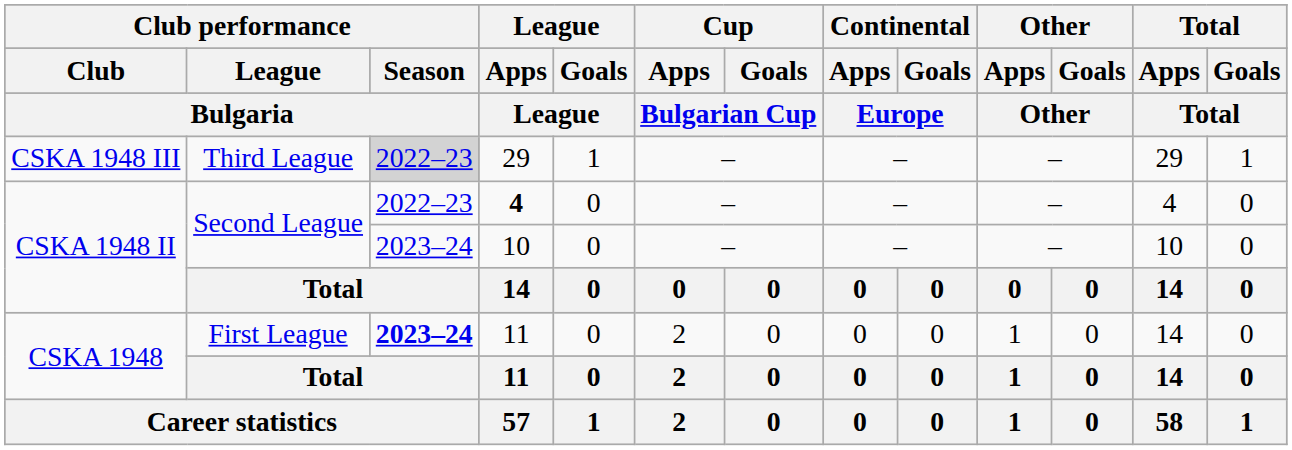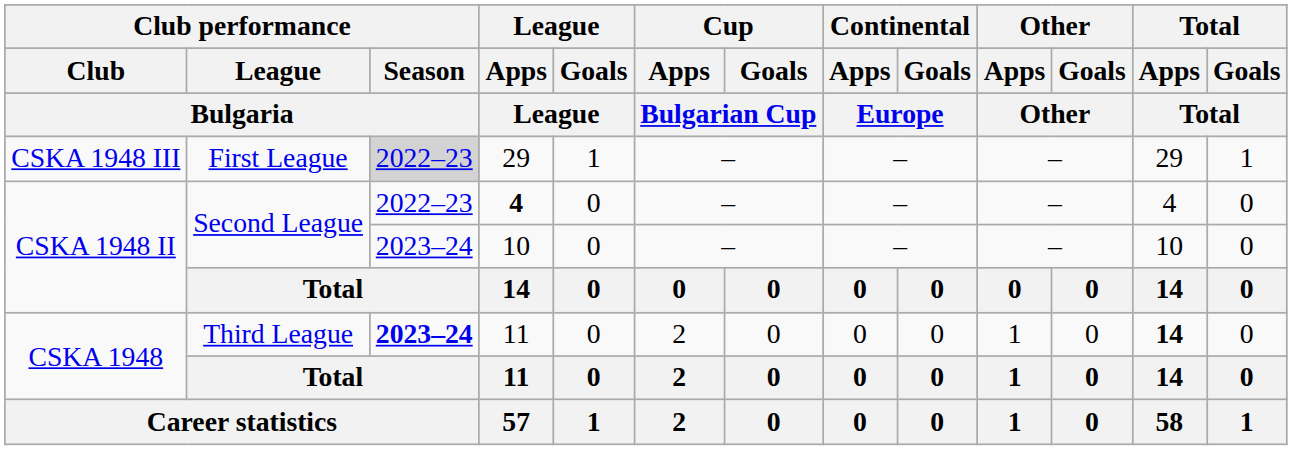 <table class="wikitable" style="text-align: center">
 <tr>
 <th colspan="3">Club performance</th>
 <th colspan="2">League</th>
 <th colspan="2">Cup</th>
 <th colspan="2">Continental</th>
 <th colspan="2">Other</th>
 <th colspan="3">Total</th>
 </tr>
 <tr>
 <th>Club</th>
 <th>League</th>
 <th>Season</th>
 <th>Apps</th>
 <th>Goals</th>
 <th>Apps</th>
 <th>Goals</th>
 <th>Apps</th>
 <th>Goals</th>
 <th>Apps</th>
 <th>Goals</th>
 <th>Apps</th>
 <th>Goals</th>
 </tr>
 <tr>
 <th colspan="3">Bulgaria</th>
 <th colspan="2">League</th>
 <th colspan="2"><a href='#'>Bulgarian Cup</a></th>
 <th colspan="2"><a href='#'>Europe</a></th>
 <th colspan="2">Other</th>
 <th colspan="2">Total</th>
 </tr>
 <tr>
 <td><a href='#'>CSKA 1948 III</a></td>
-<td><a href='#'>Third League</a></td>
+<td><a href='#'>First League</a></td>
 <td style="background: lightgrey;"><a href='#'>2022–23</a></td>
 <td>29</td>
 <td>1</td>
 <td colspan="2">–</td>
 <td colspan="2">–</td>
 <td colspan="2">–</td>
 <td>29</td>
 <td>1</td>
 </tr>
 <tr>
 <td rowspan="3"><a href='#'>CSKA 1948 II</a></td>
 <td rowspan="2"><a href='#'>Second League</a></td>
 <td><a href='#'>2022–23</a></td>
 <td><strong>4</strong></td>
 <td>0</td>
 <td colspan="2">–</td>
 <td colspan="2">–</td>
 <td colspan="2">–</td>
 <td>4</td>
 <td>0</td>
 </tr>
 <tr>
 <td><a href='#'>2023–24</a></td>
 <td>10</td>
 <td>0</td>
 <td colspan="2">–</td>
 <td colspan="2">–</td>
 <td colspan="2">–</td>
 <td>10</td>
 <td>0</td>
 </tr>
 <tr>
 <th colspan=2>Total</th>
 <th>14</th>
 <th>0</th>
 <th>0</th>
 <th>0</th>
 <th>0</th>
 <th>0</th>
 <th>0</th>
 <th>0</th>
 <th>14</th>
 <th>0</th>
 </tr>
 <tr>
 <td rowspan="2"><a href='#'>CSKA 1948</a></td>
-<td><a href='#'>First League</a></td>
+<td><a href='#'>Third League</a></td>
 <td><strong><a href='#'>2023–24</a></strong></td>
 <td>11</td>
 <td>0</td>
 <td>2</td>
 <td>0</td>
 <td>0</td>
 <td>0</td>
 <td>1</td>
 <td>0</td>
-<td>14</td>
+<td><strong>14</strong></td>
 <td>0</td>
 </tr>
 <tr>
 <th colspan=2>Total</th>
 <th>11</th>
 <th>0</th>
 <th>2</th>
 <th>0</th>
 <th>0</th>
 <th>0</th>
 <th>1</th>
 <th>0</th>
 <th>14</th>
 <th>0</th>
 </tr>
 <tr>
 <th colspan="3">Career statistics</th>
 <th>57</th>
 <th>1</th>
 <th>2</th>
 <th>0</th>
 <th>0</th>
 <th>0</th>
 <th>1</th>
 <th>0</th>
 <th>58</th>
 <th>1</th>
 </tr>
 </table>
